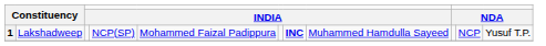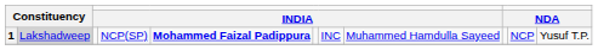 <table class="wikitable sortable" style="text-align:center;font-size:95%;line-height:16px">
 <tr>
 <th colspan="2" rowspan="2">Constituency</th>
 <td colspan="6" bgcolor=></td>
 <td colspan="3" bgcolor=></td>
 </tr>
 <tr>
 <th colspan="6"><a href='#'>INDIA</a></th>
 <th colspan="3"><a href='#'>NDA</a></th>
 </tr>
 <tr>
 <th>1</th>
-<td><a href='#'>Lakshadweep</a></td>
+<td style="background: lightgrey;"><a href='#'>Lakshadweep</a></td>
 <td></td>
 <td><a href='#'>NCP(SP)</a></td>
-<td><a href='#'>Mohammed Faizal Padippura</a></td>
+<td><strong><a href='#'>Mohammed Faizal Padippura</a></strong></td>
 <td></td>
-<td><strong><a href='#'>INC</a></strong></td>
+<td><a href='#'>INC</a></td>
 <td><a href='#'>Muhammed Hamdulla Sayeed</a></td>
 <td></td>
 <td><a href='#'>NCP</a></td>
 <td>Yusuf T.P.</td>
 </tr>
 <tr>
 </tr>
 </table>
